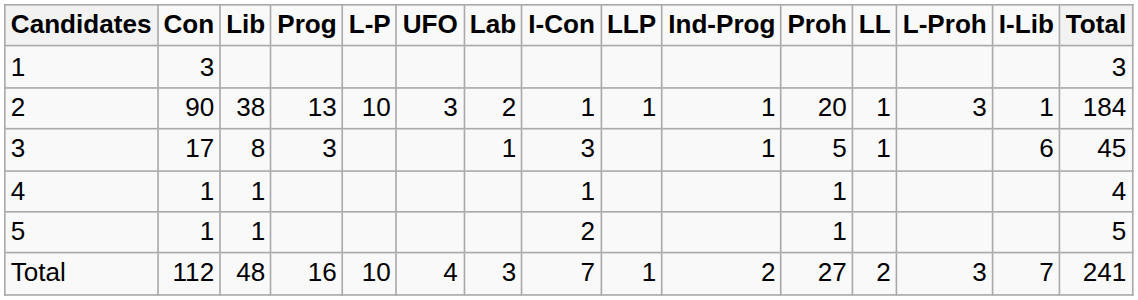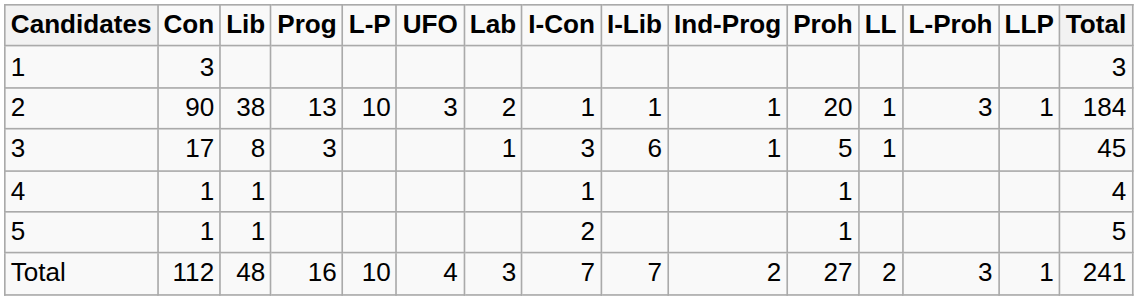 <table class="wikitable" style="text-align:right;">
 <tr>
 <th>Candidates</th>
 <td><strong>Con</strong></td>
 <td><strong>Lib</strong></td>
 <td><strong>Prog</strong></td>
 <td><strong>L-P</strong></td>
 <td><strong>UFO</strong></td>
 <td><strong>Lab</strong></td>
 <td><strong>I-Con</strong></td>
-<td><strong>LLP</strong></td>
+<td><strong>I-Lib</strong></td>
 <td><strong>Ind-Prog</strong></td>
 <td><strong>Proh</strong></td>
 <td><strong>LL</strong></td>
 <td><strong>L-Proh</strong></td>
-<td><strong>I-Lib</strong></td>
+<td><strong>LLP</strong></td>
 <th>Total</th>
 </tr>
 <tr>
 <td style="text-align:left;">1</td>
 <td>3</td>
 <td></td>
 <td></td>
 <td></td>
 <td></td>
 <td></td>
 <td></td>
 <td></td>
 <td></td>
 <td></td>
 <td></td>
 <td></td>
 <td></td>
 <td>3</td>
 </tr>
 <tr>
 <td style="text-align:left;">2</td>
 <td>90</td>
 <td>38</td>
 <td>13</td>
 <td>10</td>
 <td>3</td>
 <td>2</td>
 <td>1</td>
 <td>1</td>
 <td>1</td>
 <td>20</td>
 <td>1</td>
 <td>3</td>
 <td>1</td>
 <td>184</td>
 </tr>
 <tr>
 <td style="text-align:left;">3</td>
 <td>17</td>
 <td>8</td>
 <td>3</td>
 <td></td>
 <td></td>
 <td>1</td>
 <td>3</td>
-<td></td>
+<td>6</td>
 <td>1</td>
 <td>5</td>
 <td>1</td>
 <td></td>
-<td>6</td>
+<td></td>
 <td>45</td>
 </tr>
 <tr>
 <td style="text-align:left;">4</td>
 <td>1</td>
 <td>1</td>
 <td></td>
 <td></td>
 <td></td>
 <td></td>
 <td>1</td>
 <td></td>
 <td></td>
 <td>1</td>
 <td></td>
 <td></td>
 <td></td>
 <td>4</td>
 </tr>
 <tr>
 <td style="text-align:left;">5</td>
 <td>1</td>
 <td>1</td>
 <td></td>
 <td></td>
 <td></td>
 <td></td>
 <td>2</td>
 <td></td>
 <td></td>
 <td>1</td>
 <td></td>
 <td></td>
 <td></td>
 <td>5</td>
 </tr>
 <tr>
 <td style="text-align:left;">Total</td>
 <td>112</td>
 <td>48</td>
 <td>16</td>
 <td>10</td>
 <td>4</td>
 <td>3</td>
 <td>7</td>
-<td>1</td>
+<td>7</td>
 <td>2</td>
 <td>27</td>
 <td>2</td>
 <td>3</td>
-<td>7</td>
+<td>1</td>
 <td>241</td>
 </tr>
 </table>
